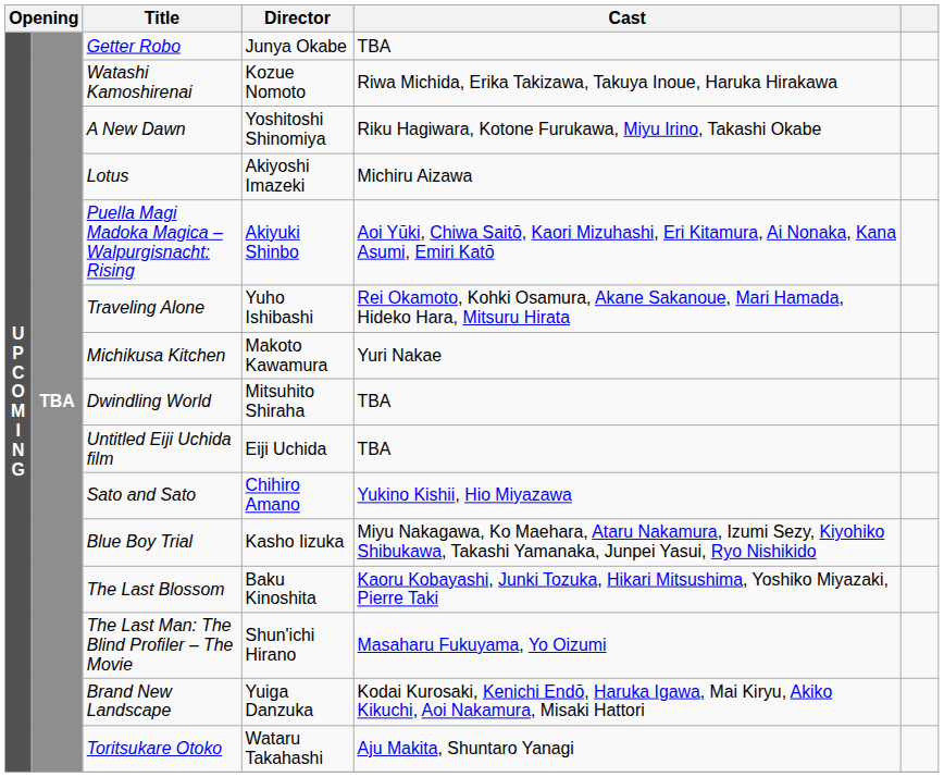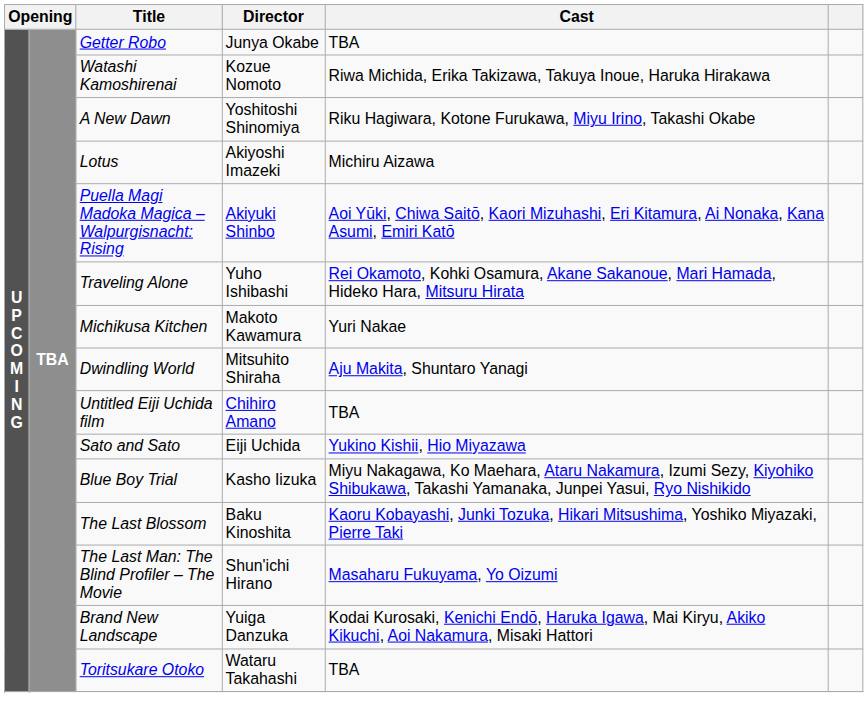 <table class="wikitable sortable">
 <tr style="background:#b0e0e6; text-align:center">
 <th colspan="2">Opening</th>
 <th style="width:17%">Title</th>
 <th style="width:12%">Director</th>
 <th>Cast</th>
 <th style="width:4%;" class="unsortable"></th>
 </tr>
 <tr>
 <th rowspan="19" style="text-align:center; background:#525252; color:white; textcolor:#000;">U<br>P<br>C<br>O<br>M<br>I<br>N<br>G</th>
 <td rowspan="19" style="text-align:center; background:#8E8E8E; color:white;"><strong>TBA</strong></td>
 <td><em><a href='#'>Getter Robo</a></em></td>
 <td>Junya Okabe</td>
 <td>TBA</td>
 <td></td>
 </tr>
 <tr>
 <td><em>Watashi Kamoshirenai</em></td>
 <td>Kozue Nomoto</td>
 <td>Riwa Michida, Erika Takizawa, Takuya Inoue, Haruka Hirakawa</td>
 <td></td>
 </tr>
 <tr>
 <td><em>A New Dawn</em></td>
 <td>Yoshitoshi Shinomiya</td>
 <td>Riku Hagiwara, Kotone Furukawa, <a href='#'>Miyu Irino</a>, Takashi Okabe</td>
 <td></td>
 </tr>
 <tr>
 <td><em>Lotus</em></td>
 <td>Akiyoshi Imazeki</td>
 <td>Michiru Aizawa</td>
 <td></td>
 </tr>
 <tr>
 <td><em><a href='#'>Puella Magi Madoka Magica – Walpurgisnacht: Rising</a></em></td>
 <td><a href='#'>Akiyuki Shinbo</a></td>
 <td><a href='#'>Aoi Yūki</a>, <a href='#'>Chiwa Saitō</a>, <a href='#'>Kaori Mizuhashi</a>, <a href='#'>Eri Kitamura</a>, <a href='#'>Ai Nonaka</a>, <a href='#'>Kana Asumi</a>, <a href='#'>Emiri Katō</a></td>
 <td></td>
 </tr>
 <tr>
 <td><em>Traveling Alone</em></td>
 <td>Yuho Ishibashi</td>
 <td><a href='#'>Rei Okamoto</a>, Kohki Osamura, <a href='#'>Akane Sakanoue</a>, <a href='#'>Mari Hamada</a>, Hideko Hara, <a href='#'>Mitsuru Hirata</a></td>
 <td></td>
 </tr>
 <tr>
 <td><em>Michikusa Kitchen</em></td>
 <td>Makoto Kawamura</td>
 <td>Yuri Nakae</td>
 <td></td>
 </tr>
 <tr>
 <td><em>Dwindling World</em></td>
 <td>Mitsuhito Shiraha</td>
-<td>TBA</td>
+<td><a href='#'>Aju Makita</a>, Shuntaro Yanagi</td>
 <td></td>
 </tr>
 <tr>
 <td><em>Untitled Eiji Uchida film</em></td>
-<td>Eiji Uchida</td>
+<td><a href='#'>Chihiro Amano</a></td>
 <td>TBA</td>
 <td></td>
 </tr>
 <tr>
 <td><em>Sato and Sato</em></td>
-<td><a href='#'>Chihiro Amano</a></td>
+<td>Eiji Uchida</td>
 <td><a href='#'>Yukino Kishii</a>, <a href='#'>Hio Miyazawa</a></td>
 <td></td>
 </tr>
 <tr>
 <td><em>Blue Boy Trial</em></td>
 <td>Kasho Iizuka</td>
 <td>Miyu Nakagawa, Ko Maehara, <a href='#'>Ataru Nakamura</a>, Izumi Sezy, <a href='#'>Kiyohiko Shibukawa</a>, Takashi Yamanaka, Junpei Yasui, <a href='#'>Ryo Nishikido</a></td>
 <td></td>
 </tr>
 <tr>
 <td><em>The Last Blossom</em></td>
 <td>Baku Kinoshita</td>
 <td><a href='#'>Kaoru Kobayashi</a>, <a href='#'>Junki Tozuka</a>, <a href='#'>Hikari Mitsushima</a>, Yoshiko Miyazaki, <a href='#'>Pierre Taki</a></td>
 <td></td>
 </tr>
 <tr>
 <td><em>The Last Man: The Blind Profiler – The Movie</em></td>
 <td>Shun'ichi Hirano</td>
 <td><a href='#'>Masaharu Fukuyama</a>, <a href='#'>Yo Oizumi</a></td>
 <td></td>
 </tr>
 <tr>
 <td><em>Brand New Landscape</em></td>
 <td>Yuiga Danzuka</td>
 <td>Kodai Kurosaki, <a href='#'>Kenichi Endō</a>, <a href='#'>Haruka Igawa</a>, Mai Kiryu, <a href='#'>Akiko Kikuchi</a>, <a href='#'>Aoi Nakamura</a>, Misaki Hattori</td>
 <td></td>
 </tr>
 <tr>
 <td><em><a href='#'>Toritsukare Otoko</a></em></td>
 <td>Wataru Takahashi</td>
-<td><a href='#'>Aju Makita</a>, Shuntaro Yanagi</td>
+<td>TBA</td>
 <td></td>
 </tr>
 <tr>
 </tr>
 </table>
